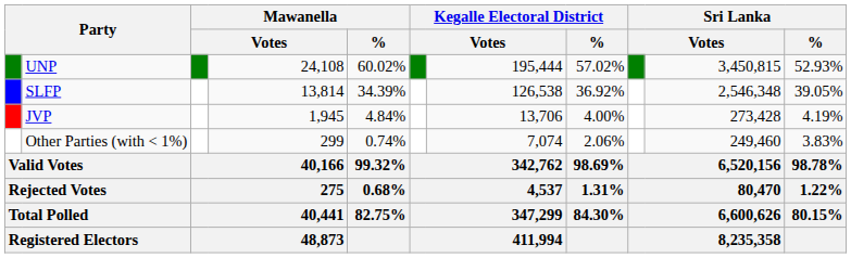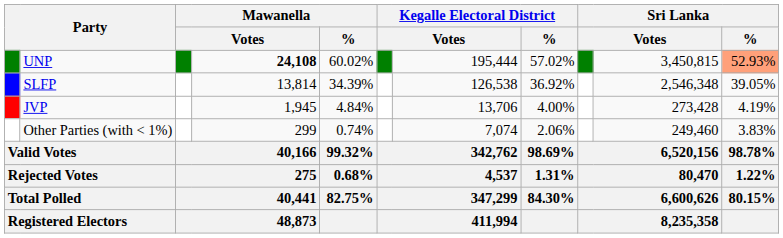 <table class="wikitable">
 <tr>
 <th colspan="2" width="144px"rowspan="2">Party</th>
 <th colspan="3" width="216px">Mawanella</th>
 <th colspan="3" width="216px"><a href='#'>Kegalle Electoral District</a></th>
 <th colspan="3" width="216px">Sri Lanka</th>
 </tr>
 <tr>
 <th colspan="2" width="144px">Votes</th>
 <th>%</th>
 <th colspan="2" width="144px">Votes</th>
 <th>%</th>
 <th colspan="2" width="144px">Votes</th>
 <th>%</th>
 </tr>
 <tr>
 <td style="background-color:green;" width="10px"></td>
 <td style="text-align:left;"><a href='#'>UNP</a></td>
 <td style="background-color:green;" width="10px"></td>
-<td style="text-align:right;">24,108</td>
+<td style="text-align:right;"><strong>24,108</strong></td>
 <td style="text-align:right;">60.02%</td>
 <td style="background-color:green;" width="10px"></td>
 <td style="text-align:right;">195,444</td>
 <td style="text-align:right;">57.02%</td>
 <td style="background-color:green;" width="10px"></td>
 <td style="text-align:right;">3,450,815</td>
-<td style="text-align:right;">52.93%</td>
+<td style="background: lightsalmon; text-align:right;">52.93%</td>
 </tr>
 <tr>
 <td style="background-color:blue;" width="10px"></td>
 <td style="text-align:left;"><a href='#'>SLFP</a></td>
 <td style="background-color:white;" width="10px"></td>
 <td style="text-align:right;">13,814</td>
 <td style="text-align:right;">34.39%</td>
 <td style="background-color:white;" width="10px"></td>
 <td style="text-align:right;">126,538</td>
 <td style="text-align:right;">36.92%</td>
 <td style="background-color:white;" width="10px"></td>
 <td style="text-align:right;">2,546,348</td>
 <td style="text-align:right;">39.05%</td>
 </tr>
 <tr>
 <td style="background-color:red;" width="10px"></td>
 <td style="text-align:left;"><a href='#'>JVP</a></td>
 <td style="background-color:white;" width="10px"></td>
 <td style="text-align:right;">1,945</td>
 <td style="text-align:right;">4.84%</td>
 <td style="background-color:white;" width="10px"></td>
 <td style="text-align:right;">13,706</td>
 <td style="text-align:right;">4.00%</td>
 <td style="background-color:white;" width="10px"></td>
 <td style="text-align:right;">273,428</td>
 <td style="text-align:right;">4.19%</td>
 </tr>
 <tr>
 <td style="background-color:white;" width="10px"></td>
 <td style="text-align:left;">Other Parties (with < 1%)</td>
 <td style="background-color:white;" width="10px"></td>
 <td style="text-align:right;">299</td>
 <td style="text-align:right;">0.74%</td>
 <td style="background-color:white;" width="10px"></td>
 <td style="text-align:right;">7,074</td>
 <td style="text-align:right;">2.06%</td>
 <td style="background-color:white;" width="10px"></td>
 <td style="text-align:right;">249,460</td>
 <td style="text-align:right;">3.83%</td>
 </tr>
 <tr>
 <th colspan="2" width="144px"style="text-align:left;">Valid Votes</th>
 <th style="text-align:right;"colspan="2" width="144px">40,166</th>
 <th style="text-align:right;">99.32%</th>
 <th style="text-align:right;"colspan="2" width="144px">342,762</th>
 <th style="text-align:right;">98.69%</th>
 <th style="text-align:right;"colspan="2" width="144px">6,520,156</th>
 <th style="text-align:right;">98.78%</th>
 </tr>
 <tr>
 <th colspan="2" width="144px"style="text-align:left;">Rejected Votes</th>
 <th style="text-align:right;"colspan="2" width="144px">275</th>
 <th style="text-align:right;">0.68%</th>
 <th style="text-align:right;"colspan="2" width="144px">4,537</th>
 <th style="text-align:right;">1.31%</th>
 <th style="text-align:right;"colspan="2" width="144px">80,470</th>
 <th style="text-align:right;">1.22%</th>
 </tr>
 <tr>
 <th colspan="2" width="144px"style="text-align:left;">Total Polled</th>
 <th style="text-align:right;"colspan="2" width="144px">40,441</th>
 <th style="text-align:right;">82.75%</th>
 <th style="text-align:right;"colspan="2" width="144px">347,299</th>
 <th style="text-align:right;">84.30%</th>
 <th style="text-align:right;"colspan="2" width="144px">6,600,626</th>
 <th style="text-align:right;">80.15%</th>
 </tr>
 <tr>
 <th colspan="2" width="144px"style="text-align:left;">Registered Electors</th>
 <th style="text-align:right;"colspan="2" width="144px">48,873</th>
 <th></th>
 <th style="text-align:right;"colspan="2" width="144px">411,994</th>
 <th></th>
 <th style="text-align:right;"colspan="2" width="144px">8,235,358</th>
 <th></th>
 </tr>
 </table>
